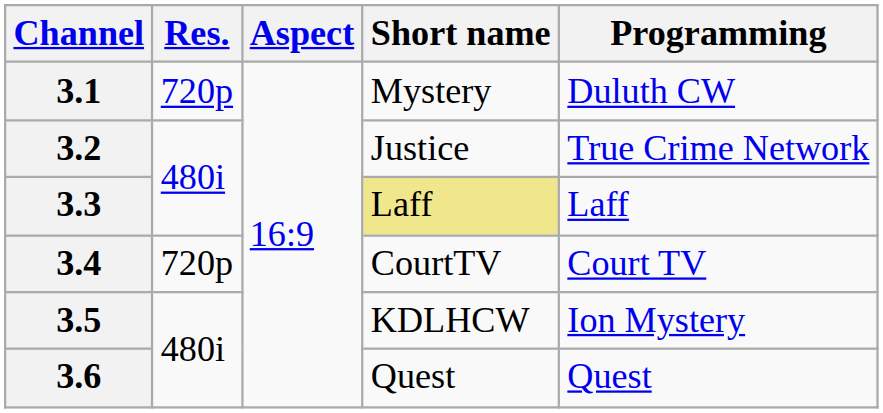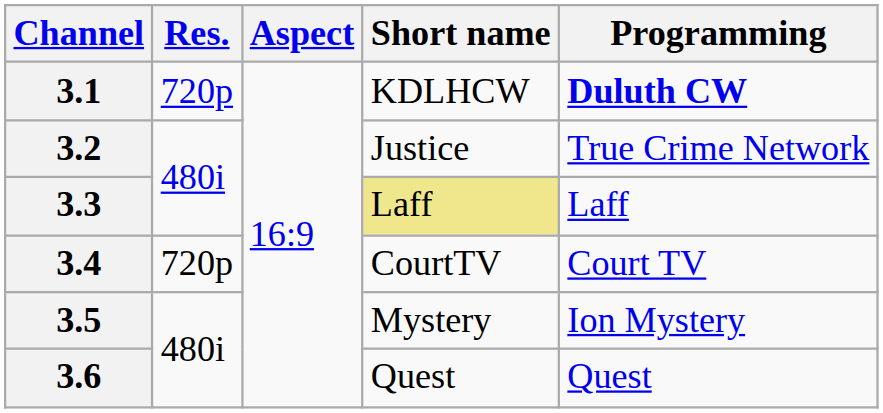 <table class="wikitable">
 <tr>
 <th><a href='#'>Channel</a></th>
 <th><a href='#'>Res.</a></th>
 <th><a href='#'>Aspect</a></th>
 <th>Short name</th>
 <th>Programming</th>
 </tr>
 <tr>
 <th scope = "row">3.1</th>
 <td><a href='#'>720p</a></td>
 <td rowspan="6"><a href='#'>16:9</a></td>
-<td>Mystery</td>
-<td><a href='#'>Duluth CW</a></td>
+<td>KDLHCW</td>
+<td><strong><a href='#'>Duluth CW</a></strong></td>
 </tr>
 <tr>
 <th scope = "row">3.2</th>
 <td rowspan="2"><a href='#'>480i</a></td>
 <td>Justice</td>
 <td><a href='#'>True Crime Network</a></td>
 </tr>
 <tr>
 <th scope = "row">3.3</th>
 <td style="background: khaki;">Laff</td>
 <td><a href='#'>Laff</a></td>
 </tr>
 <tr>
 <th scope = "row">3.4</th>
 <td>720p</td>
 <td>CourtTV</td>
 <td><a href='#'>Court TV</a></td>
 </tr>
 <tr>
 <th scope = "row">3.5</th>
 <td rowspan="2">480i</td>
-<td>KDLHCW</td>
+<td>Mystery</td>
 <td><a href='#'>Ion Mystery</a></td>
 </tr>
 <tr>
 <th scope = "row">3.6</th>
 <td>Quest</td>
 <td><a href='#'>Quest</a></td>
 </tr>
 </table>
